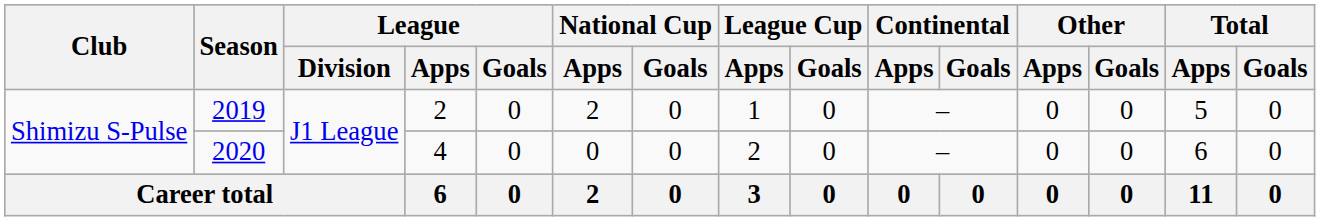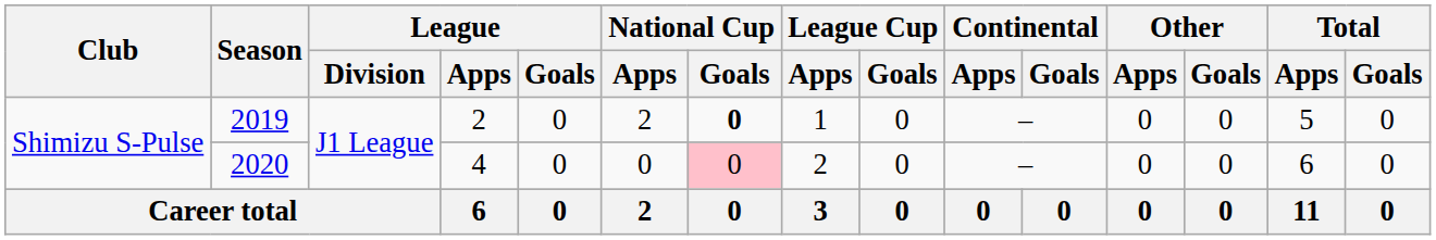 <table class="wikitable" style="text-align: center">
 <tr>
 <th rowspan="2">Club</th>
 <th rowspan="2">Season</th>
 <th colspan="3">League</th>
 <th colspan="2">National Cup</th>
 <th colspan="2">League Cup</th>
 <th colspan="2">Continental</th>
 <th colspan="2">Other</th>
 <th colspan="2">Total</th>
 </tr>
 <tr>
 <th>Division</th>
 <th>Apps</th>
 <th>Goals</th>
 <th>Apps</th>
 <th>Goals</th>
 <th>Apps</th>
 <th>Goals</th>
 <th>Apps</th>
 <th>Goals</th>
 <th>Apps</th>
 <th>Goals</th>
 <th>Apps</th>
 <th>Goals</th>
 </tr>
 <tr>
 <td rowspan="2"><a href='#'>Shimizu S-Pulse</a></td>
 <td><a href='#'>2019</a></td>
 <td rowspan="2"><a href='#'>J1 League</a></td>
 <td>2</td>
 <td>0</td>
 <td>2</td>
-<td>0</td>
+<td><strong>0</strong></td>
 <td>1</td>
 <td>0</td>
 <td colspan="2">–</td>
 <td>0</td>
 <td>0</td>
 <td>5</td>
 <td>0</td>
 </tr>
 <tr>
 <td><a href='#'>2020</a></td>
 <td>4</td>
 <td>0</td>
 <td>0</td>
-<td>0</td>
+<td style="background: pink;">0</td>
 <td>2</td>
 <td>0</td>
 <td colspan="2">–</td>
 <td>0</td>
 <td>0</td>
 <td>6</td>
 <td>0</td>
 </tr>
 <tr>
 <th colspan=3>Career total</th>
 <th>6</th>
 <th>0</th>
 <th>2</th>
 <th>0</th>
 <th>3</th>
 <th>0</th>
 <th>0</th>
 <th>0</th>
 <th>0</th>
 <th>0</th>
 <th>11</th>
 <th>0</th>
 </tr>
 </table>
